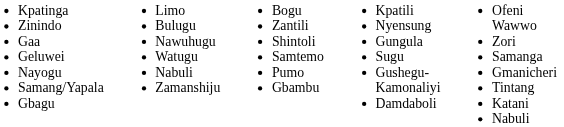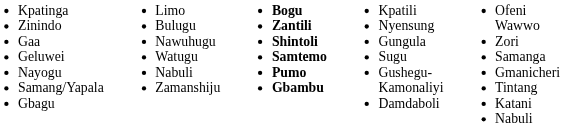 <table border="0" cellpadding="10" cellspacing="0">
 <tr>
 </tr>
 <tr valign="top">
 <td><br><ul><li>Kpatinga</li><li>Zinindo</li><li>Gaa</li><li>Geluwei</li><li>Nayogu</li><li>Samang/Yapala</li><li>Gbagu</li></ul></td>
 <td><br><ul><li>Limo</li><li>Bulugu</li><li>Nawuhugu</li><li>Watugu</li><li>Nabuli</li><li>Zamanshiju</li></ul></td>
-<td><br><ul><li>Bogu</li><li>Zantili</li><li>Shintoli</li><li>Samtemo</li><li>Pumo</li><li>Gbambu</li></ul></td>
+<td><strong><br><ul><li>Bogu</li><li>Zantili</li><li>Shintoli</li><li>Samtemo</li><li>Pumo</li><li>Gbambu</li></ul></strong></td>
 <td><br><ul><li>Kpatili</li><li>Nyensung</li><li>Gungula</li><li>Sugu</li><li>Gushegu-Kamonaliyi</li><li>Damdaboli</li></ul></td>
 <td><br><ul><li>Ofeni Wawwo</li><li>Zori</li><li>Samanga</li><li>Gmanicheri</li><li>Tintang</li><li>Katani</li><li>Nabuli</li></ul></td>
 </tr>
 </table>
